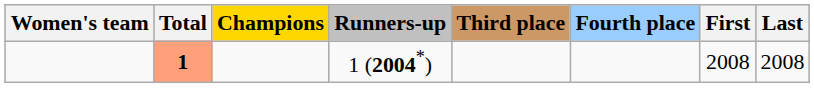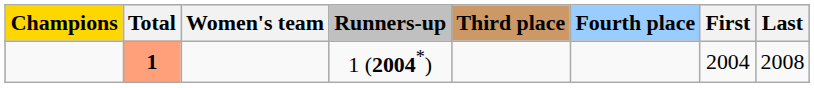 <table class="wikitable" style="text-align: center; font-size: 90%; margin-left: 1em;">
 <tr>
+<th style="background-color: gold;">Champions</th>
+<th>Total</th>
 <th>Women's team</th>
-<th>Total</th>
-<th style="background-color: gold;">Champions</th>
 <th style="background-color: silver;">Runners-up</th>
 <th style="background-color: #cc9966;">Third place</th>
 <th style="background-color: #9acdff;">Fourth place</th>
 <th>First</th>
 <th>Last</th>
 </tr>
 <tr>
+<td></td>
+<td style="background: lightsalmon;"><strong>1</strong></td>
 <td style="text-align: left;"></td>
-<td style="background: lightsalmon;"><strong>1</strong></td>
-<td></td>
 <td>1 (<strong>2004</strong><sup>*</sup>)</td>
 <td></td>
 <td></td>
-<td>2008</td>
+<td>2004</td>
 <td>2008</td>
 </tr>
 </table>
